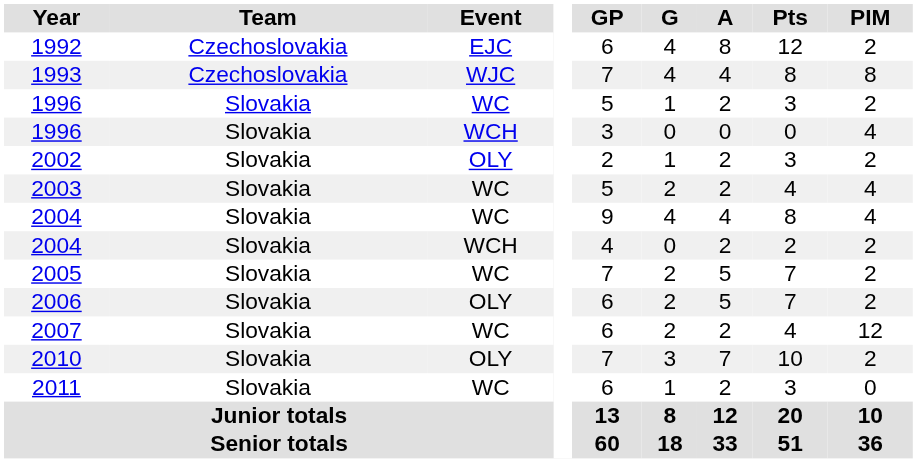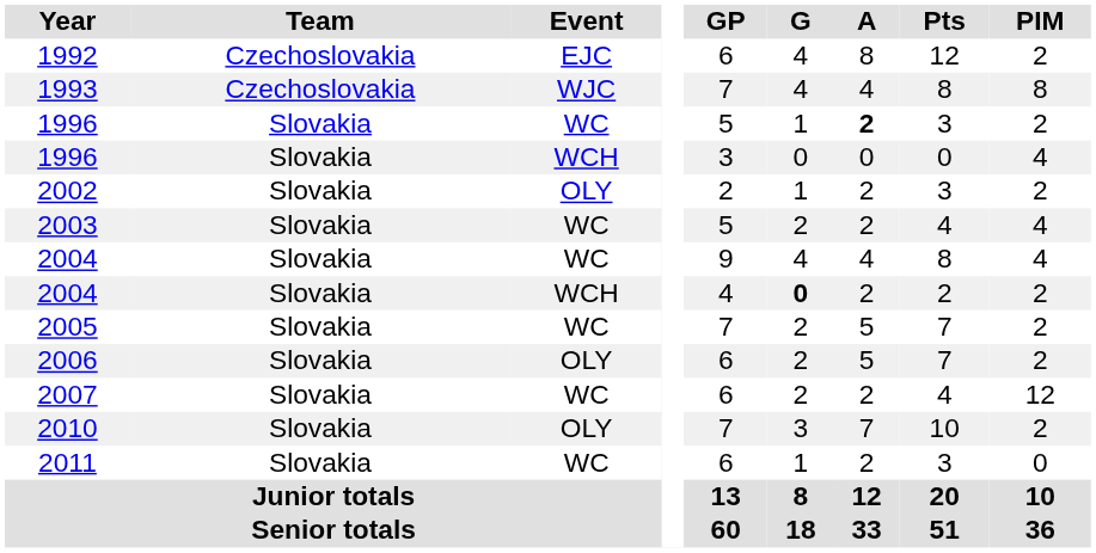 <table border="0" cellpadding="1" cellspacing="0" style="text-align:center; width:40em">
 <tr ALIGN="center" bgcolor="#e0e0e0">
 <th>Year</th>
 <th>Team</th>
 <th>Event</th>
 <th rowspan="99" bgcolor="#ffffff"> </th>
 <th>GP</th>
 <th>G</th>
 <th>A</th>
 <th>Pts</th>
 <th>PIM</th>
 </tr>
 <tr>
 <td><a href='#'>1992</a></td>
 <td><a href='#'>Czechoslovakia</a></td>
 <td><a href='#'>EJC</a></td>
 <td>6</td>
 <td>4</td>
 <td>8</td>
 <td>12</td>
 <td>2</td>
 </tr>
 <tr bgcolor="#f0f0f0">
 <td><a href='#'>1993</a></td>
 <td><a href='#'>Czechoslovakia</a></td>
 <td><a href='#'>WJC</a></td>
 <td>7</td>
 <td>4</td>
 <td>4</td>
 <td>8</td>
 <td>8</td>
 </tr>
 <tr>
 <td><a href='#'>1996</a></td>
 <td><a href='#'>Slovakia</a></td>
 <td><a href='#'>WC</a></td>
 <td>5</td>
 <td>1</td>
-<td>2</td>
+<td><strong>2</strong></td>
 <td>3</td>
 <td>2</td>
 </tr>
 <tr bgcolor="#f0f0f0">
 <td><a href='#'>1996</a></td>
 <td>Slovakia</td>
 <td><a href='#'>WCH</a></td>
 <td>3</td>
 <td>0</td>
 <td>0</td>
 <td>0</td>
 <td>4</td>
 </tr>
 <tr>
 <td><a href='#'>2002</a></td>
 <td>Slovakia</td>
 <td><a href='#'>OLY</a></td>
 <td>2</td>
 <td>1</td>
 <td>2</td>
 <td>3</td>
 <td>2</td>
 </tr>
 <tr bgcolor="#f0f0f0">
 <td><a href='#'>2003</a></td>
 <td>Slovakia</td>
 <td>WC</td>
 <td>5</td>
 <td>2</td>
 <td>2</td>
 <td>4</td>
 <td>4</td>
 </tr>
 <tr>
 <td><a href='#'>2004</a></td>
 <td>Slovakia</td>
 <td>WC</td>
 <td>9</td>
 <td>4</td>
 <td>4</td>
 <td>8</td>
 <td>4</td>
 </tr>
 <tr bgcolor="#f0f0f0">
 <td><a href='#'>2004</a></td>
 <td>Slovakia</td>
 <td>WCH</td>
 <td>4</td>
-<td>0</td>
+<td><strong>0</strong></td>
 <td>2</td>
 <td>2</td>
 <td>2</td>
 </tr>
 <tr>
 <td><a href='#'>2005</a></td>
 <td>Slovakia</td>
 <td>WC</td>
 <td>7</td>
 <td>2</td>
 <td>5</td>
 <td>7</td>
 <td>2</td>
 </tr>
 <tr bgcolor="#f0f0f0">
 <td><a href='#'>2006</a></td>
 <td>Slovakia</td>
 <td>OLY</td>
 <td>6</td>
 <td>2</td>
 <td>5</td>
 <td>7</td>
 <td>2</td>
 </tr>
 <tr>
 <td><a href='#'>2007</a></td>
 <td>Slovakia</td>
 <td>WC</td>
 <td>6</td>
 <td>2</td>
 <td>2</td>
 <td>4</td>
 <td>12</td>
 </tr>
 <tr bgcolor="#f0f0f0">
 <td><a href='#'>2010</a></td>
 <td>Slovakia</td>
 <td>OLY</td>
 <td>7</td>
 <td>3</td>
 <td>7</td>
 <td>10</td>
 <td>2</td>
 </tr>
 <tr>
 <td><a href='#'>2011</a></td>
 <td>Slovakia</td>
 <td>WC</td>
 <td>6</td>
 <td>1</td>
 <td>2</td>
 <td>3</td>
 <td>0</td>
 </tr>
 <tr style="background:#e0e0e0;">
 <th colspan="3">Junior totals</th>
 <th>13</th>
 <th>8</th>
 <th>12</th>
 <th>20</th>
 <th>10</th>
 </tr>
 <tr style="background:#e0e0e0;">
 <th colspan="3">Senior totals</th>
 <th>60</th>
 <th>18</th>
 <th>33</th>
 <th>51</th>
 <th>36</th>
 </tr>
 </table>
